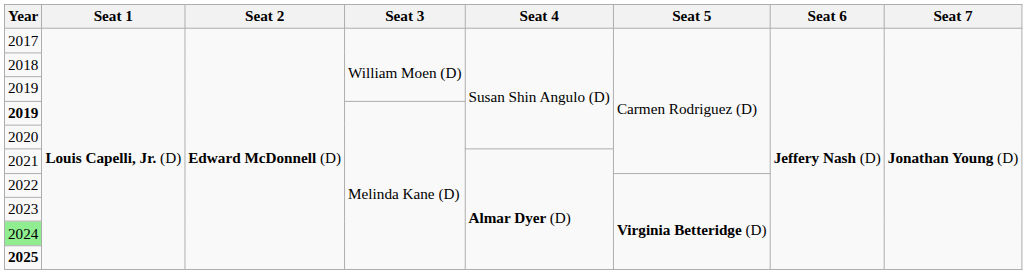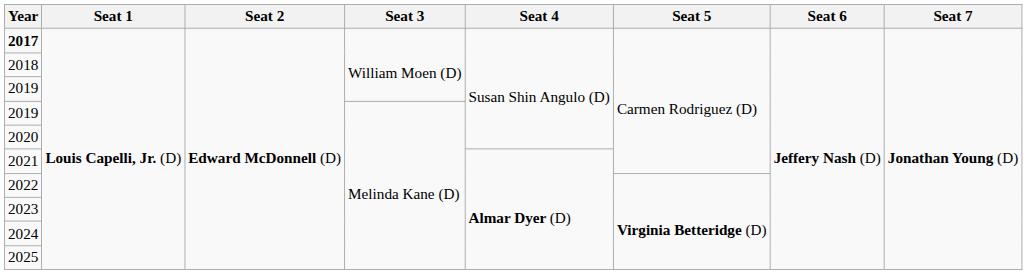 <table class="wikitable">
 <tr>
 <th>Year</th>
 <th>Seat 1</th>
 <th>Seat 2</th>
 <th>Seat 3</th>
 <th>Seat 4</th>
 <th>Seat 5</th>
 <th>Seat 6</th>
 <th>Seat 7</th>
 </tr>
 <tr>
-<td>2017 </td>
+<td><strong>2017 </strong></td>
 <td rowspan="10" ><br><strong> Louis Capelli, Jr. </strong> (D)</td>
 <td rowspan="10" ><br><strong> Edward McDonnell </strong> (D)</td>
 <td rowspan="3" ><br>William Moen (D)</td>
 <td rowspan="5" ><br>Susan Shin Angulo (D)</td>
 <td rowspan="6" ><br>Carmen Rodriguez (D)</td>
 <td rowspan="10" ><br><strong> Jeffery Nash </strong> (D)</td>
 <td rowspan="10" ><br><strong>Jonathan Young</strong> (D)</td>
 </tr>
 <tr>
 <td>2018</td>
 </tr>
 <tr>
 <td>2019</td>
 </tr>
 <tr>
-<td><strong>2019</strong></td>
+<td>2019</td>
 <td rowspan="7" ><br>Melinda Kane (D)</td>
 </tr>
 <tr>
 <td>2020</td>
 </tr>
 <tr>
 <td>2021</td>
 <td rowspan="5" ><br><strong> Almar Dyer </strong> (D)</td>
 </tr>
 <tr>
 <td>2022</td>
 <td rowspan="4" ><br><strong> Virginia Betteridge </strong> (D)</td>
 </tr>
 <tr>
 <td>2023</td>
 </tr>
 <tr>
-<td style="background: lightgreen;">2024</td>
+<td>2024</td>
 </tr>
 <tr>
-<td><strong>2025</strong></td>
+<td>2025</td>
 </tr>
 </table>
